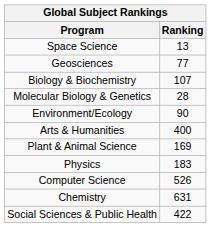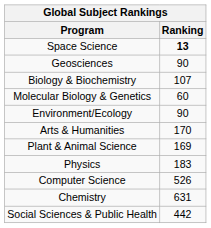 <table class="wikitable sortable collapsible collapsed" style="float:right; text-align:center">
 <tr>
 <th colspan=4>Global Subject Rankings</th>
 </tr>
 <tr>
 <th>Program</th>
 <th>Ranking</th>
 </tr>
 <tr>
 <td>Space Science</td>
-<td>13</td>
+<td><strong>13</strong></td>
 </tr>
 <tr>
 <td>Geosciences</td>
-<td>77</td>
+<td>90</td>
 </tr>
 <tr>
 <td>Biology & Biochemistry</td>
 <td>107</td>
 </tr>
 <tr>
 <td>Molecular Biology & Genetics</td>
-<td>28</td>
+<td>60</td>
 </tr>
 <tr>
 <td>Environment/Ecology</td>
 <td>90</td>
 </tr>
 <tr>
 <td>Arts & Humanities</td>
-<td>400</td>
+<td>170</td>
 </tr>
 <tr>
 <td>Plant & Animal Science</td>
 <td>169</td>
 </tr>
 <tr>
 <td>Physics</td>
 <td>183</td>
 </tr>
 <tr>
 <td>Computer Science</td>
 <td>526</td>
 </tr>
 <tr>
 <td>Chemistry</td>
 <td>631</td>
 </tr>
 <tr>
 <td>Social Sciences & Public Health</td>
-<td>422</td>
+<td>442</td>
 </tr>
 </table>
